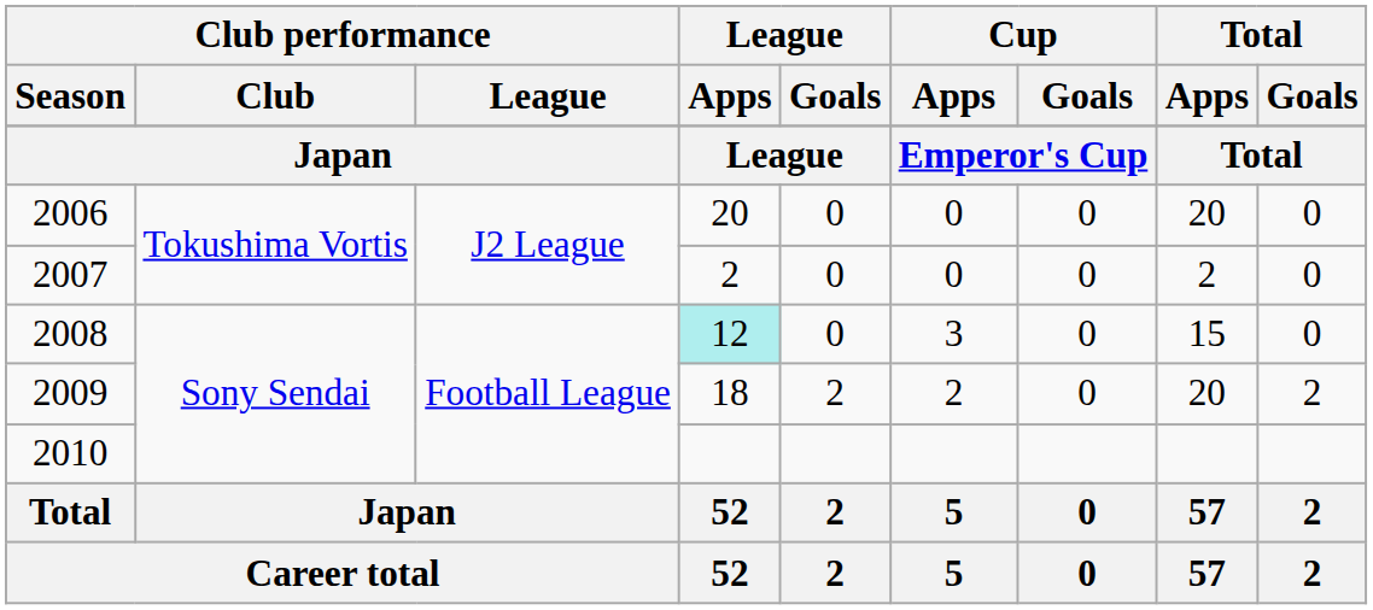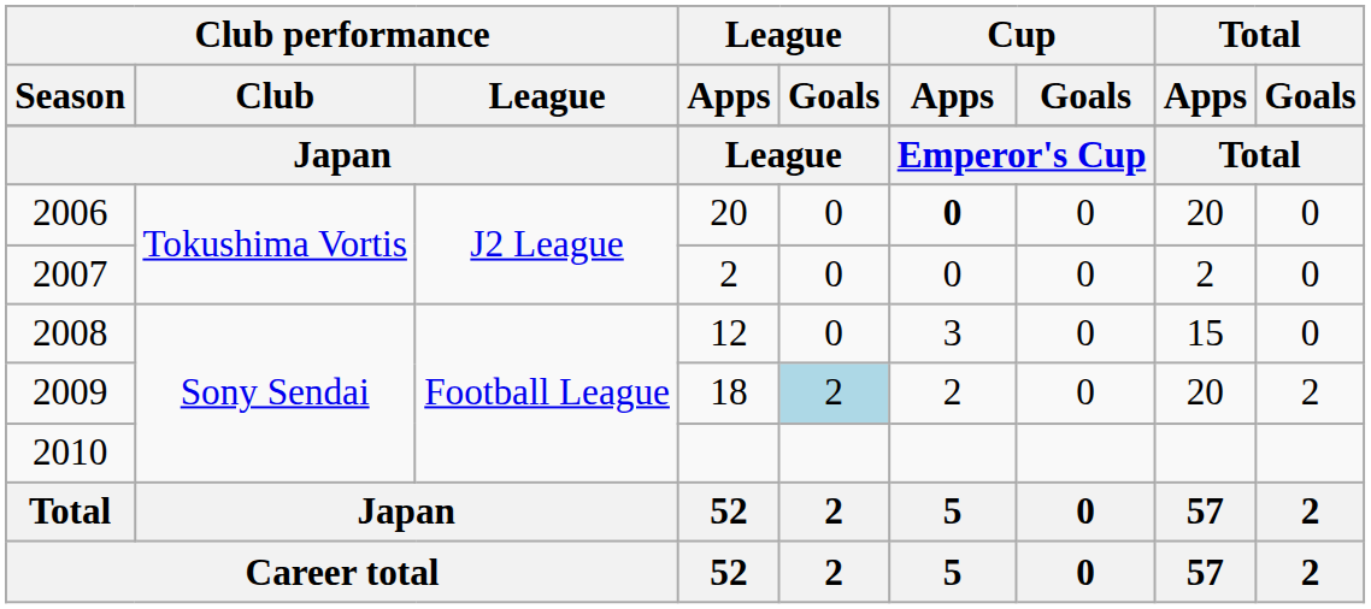 <table class="wikitable" style="text-align:center">
 <tr>
 <th colspan=3>Club performance</th>
 <th colspan=2>League</th>
 <th colspan=2>Cup</th>
 <th colspan=2>Total</th>
 </tr>
 <tr>
 <th>Season</th>
 <th>Club</th>
 <th>League</th>
 <th>Apps</th>
 <th>Goals</th>
 <th>Apps</th>
 <th>Goals</th>
 <th>Apps</th>
 <th>Goals</th>
 </tr>
 <tr>
 </tr>
 <tr>
 <th colspan=3>Japan</th>
 <th colspan=2>League</th>
 <th colspan=2><a href='#'>Emperor's Cup</a></th>
 <th colspan=2>Total</th>
 </tr>
 <tr>
 <td>2006</td>
 <td rowspan="2"><a href='#'>Tokushima Vortis</a></td>
 <td rowspan="2"><a href='#'>J2 League</a></td>
 <td>20</td>
 <td>0</td>
-<td>0</td>
+<td><strong>0</strong></td>
 <td>0</td>
 <td>20</td>
 <td>0</td>
 </tr>
 <tr>
 <td>2007</td>
 <td>2</td>
 <td>0</td>
 <td>0</td>
 <td>0</td>
 <td>2</td>
 <td>0</td>
 </tr>
 <tr>
 <td>2008</td>
 <td rowspan="3"><a href='#'>Sony Sendai</a></td>
 <td rowspan="3"><a href='#'>Football League</a></td>
-<td style="background: paleturquoise;">12</td>
+<td>12</td>
 <td>0</td>
 <td>3</td>
 <td>0</td>
 <td>15</td>
 <td>0</td>
 </tr>
 <tr>
 <td>2009</td>
 <td>18</td>
-<td>2</td>
+<td style="background: lightblue;">2</td>
 <td>2</td>
 <td>0</td>
 <td>20</td>
 <td>2</td>
 </tr>
 <tr>
 <td>2010</td>
 <td></td>
 <td></td>
 <td></td>
 <td></td>
 <td></td>
 <td></td>
 </tr>
 <tr>
 <th rowspan=1>Total</th>
 <th colspan=2>Japan</th>
 <th>52</th>
 <th>2</th>
 <th>5</th>
 <th>0</th>
 <th>57</th>
 <th>2</th>
 </tr>
 <tr>
 <th colspan=3>Career total</th>
 <th>52</th>
 <th>2</th>
 <th>5</th>
 <th>0</th>
 <th>57</th>
 <th>2</th>
 </tr>
 </table>
